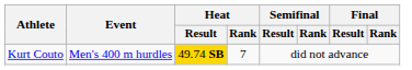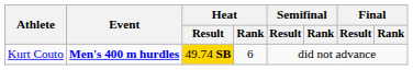 <table class="wikitable" style="font-size:90%">
 <tr>
 <th rowspan="2">Athlete</th>
 <th rowspan="2">Event</th>
 <th colspan="2">Heat</th>
 <th colspan="2">Semifinal</th>
 <th colspan="2">Final</th>
 </tr>
 <tr style="font-size:95%">
 <th>Result</th>
 <th>Rank</th>
 <th>Result</th>
 <th>Rank</th>
 <th>Result</th>
 <th>Rank</th>
 </tr>
 <tr align=center>
 <td align=left><a href='#'>Kurt Couto</a></td>
-<td align=left><a href='#'>Men's 400 m hurdles</a></td>
+<td align=left><strong><a href='#'>Men's 400 m hurdles</a></strong></td>
 <td style="background: gold;">49.74 <strong>SB</strong></td>
-<td>7</td>
+<td>6</td>
 <td colspan=4>did not advance</td>
 </tr>
 </table>
